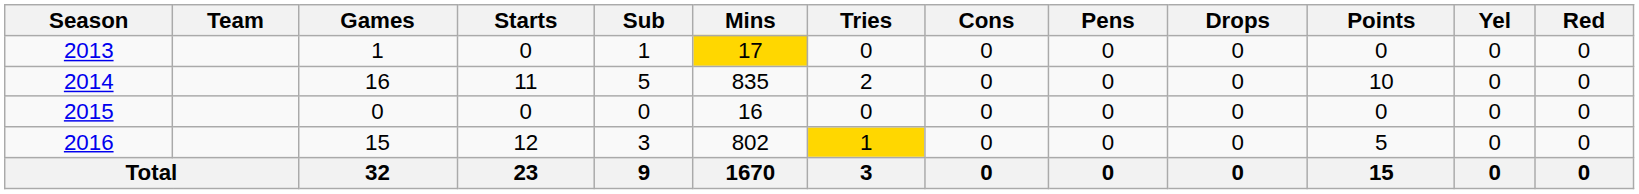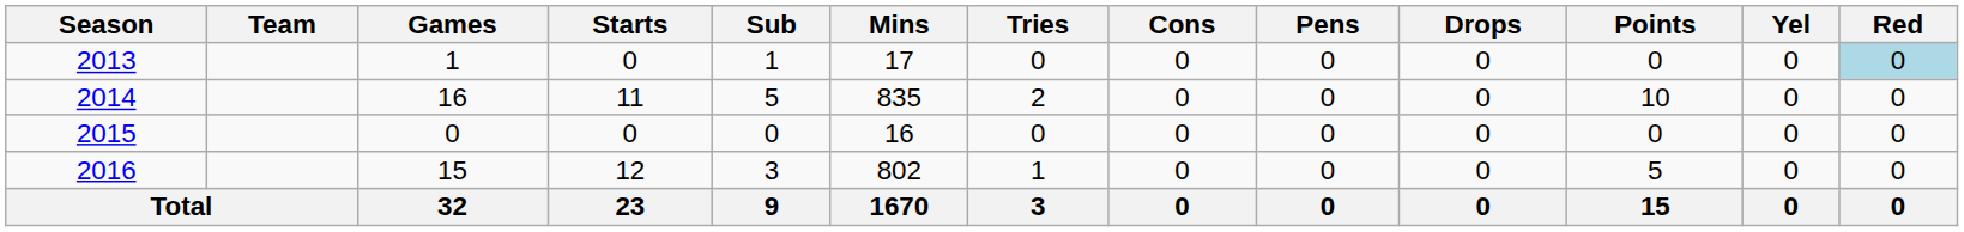 <table class="wikitable" style="text-align:center; line-height:90%; font-size:95%; width:70%;">
 <tr>
 <th>Season</th>
 <th>Team</th>
 <th>Games</th>
 <th>Starts</th>
 <th>Sub</th>
 <th>Mins</th>
 <th>Tries</th>
 <th>Cons</th>
 <th>Pens</th>
 <th>Drops</th>
 <th>Points</th>
 <th>Yel</th>
 <th>Red</th>
 </tr>
 <tr>
 <td><a href='#'>2013</a></td>
 <td></td>
 <td>1</td>
 <td>0</td>
 <td>1</td>
-<td style="background: gold;">17</td>
+<td>17</td>
 <td>0</td>
 <td>0</td>
 <td>0</td>
 <td>0</td>
 <td>0</td>
 <td>0</td>
-<td>0</td>
+<td style="background: lightblue;">0</td>
 </tr>
 <tr>
 <td><a href='#'>2014</a></td>
 <td></td>
 <td>16</td>
 <td>11</td>
 <td>5</td>
 <td>835</td>
 <td>2</td>
 <td>0</td>
 <td>0</td>
 <td>0</td>
 <td>10</td>
 <td>0</td>
 <td>0</td>
 </tr>
 <tr>
 <td><a href='#'>2015</a></td>
 <td></td>
 <td>0</td>
 <td>0</td>
 <td>0</td>
 <td>16</td>
 <td>0</td>
 <td>0</td>
 <td>0</td>
 <td>0</td>
 <td>0</td>
 <td>0</td>
 <td>0</td>
 </tr>
 <tr>
 <td><a href='#'>2016</a></td>
 <td></td>
 <td>15</td>
 <td>12</td>
 <td>3</td>
 <td>802</td>
-<td style="background: gold;">1</td>
+<td>1</td>
 <td>0</td>
 <td>0</td>
 <td>0</td>
 <td>5</td>
 <td>0</td>
 <td>0</td>
 </tr>
 <tr>
 <th colspan="2">Total</th>
 <th>32</th>
 <th>23</th>
 <th>9</th>
 <th>1670</th>
 <th>3</th>
 <th>0</th>
 <th>0</th>
 <th>0</th>
 <th>15</th>
 <th>0</th>
 <th>0</th>
 </tr>
 </table>
